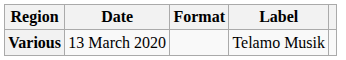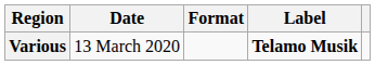 <table class="wikitable plainrowheaders">
 <tr>
 <th scope="col">Region</th>
 <th scope="col">Date</th>
 <th scope="col">Format</th>
 <th scope="col">Label</th>
 <th scope="col"></th>
 </tr>
 <tr>
 <th scope="row">Various</th>
 <td rowspan="1">13 March 2020</td>
 <td rowspan="1"></td>
-<td rowspan="1">Telamo Musik</td>
+<td rowspan="1"><strong>Telamo Musik</strong></td>
 <td align="center"></td>
 </tr>
 <tr>
 </tr>
 </table>
